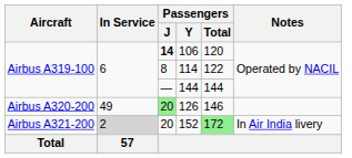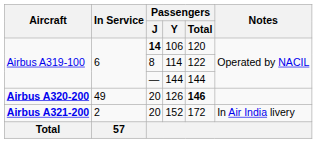 <table class="wikitable">
 <tr>
 <th rowspan="2">Aircraft</th>
 <th rowspan="2">In Service</th>
 <th colspan="3">Passengers</th>
 <th rowspan="2">Notes</th>
 </tr>
 <tr>
 <th><abbr>J</abbr></th>
 <th><abbr>Y</abbr></th>
 <th>Total</th>
 </tr>
 <tr>
 <td rowspan="3"><a href='#'>Airbus A319-100</a></td>
 <td rowspan="3">6</td>
 <td><strong>14</strong></td>
 <td>106</td>
 <td>120</td>
 <td rowspan="3">Operated by <a href='#'>NACIL</a></td>
 </tr>
 <tr>
 <td>8</td>
 <td>114</td>
 <td>122</td>
 </tr>
 <tr>
 <td>—</td>
 <td>144</td>
 <td>144</td>
 </tr>
 <tr>
-<td><a href='#'>Airbus A320-200</a></td>
+<td><strong><a href='#'>Airbus A320-200</a></strong></td>
 <td>49</td>
-<td style="background: lightgreen;">20</td>
+<td>20</td>
 <td>126</td>
-<td>146</td>
+<td><strong>146</strong></td>
 <td></td>
 </tr>
 <tr>
-<td><a href='#'>Airbus A321-200</a></td>
-<td style="background: lightgrey;">2</td>
+<td><strong><a href='#'>Airbus A321-200</a></strong></td>
+<td>2</td>
 <td>20</td>
 <td>152</td>
-<td style="background: lightgreen;">172</td>
+<td>172</td>
 <td>In <a href='#'>Air India</a> livery</td>
 </tr>
 <tr>
 <th>Total</th>
 <th>57</th>
 <th colspan="4"></th>
 </tr>
 </table>
